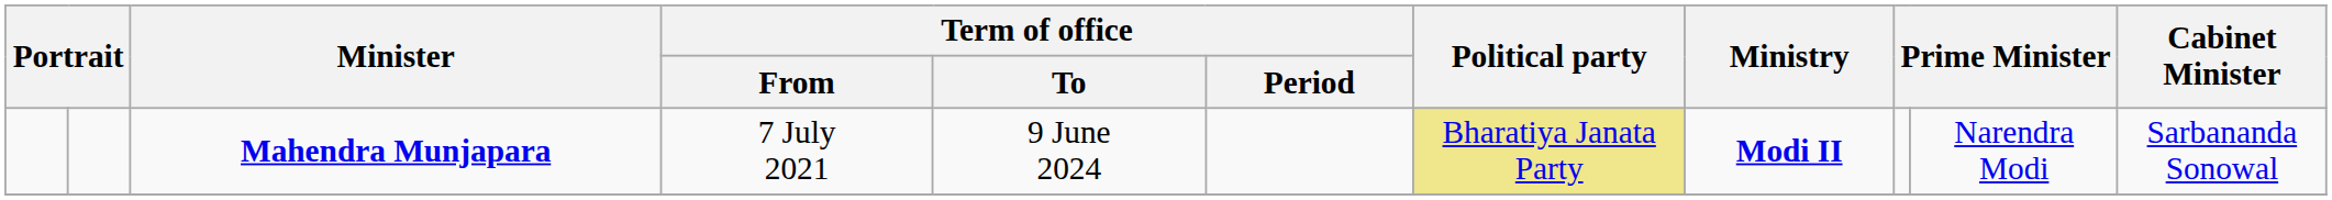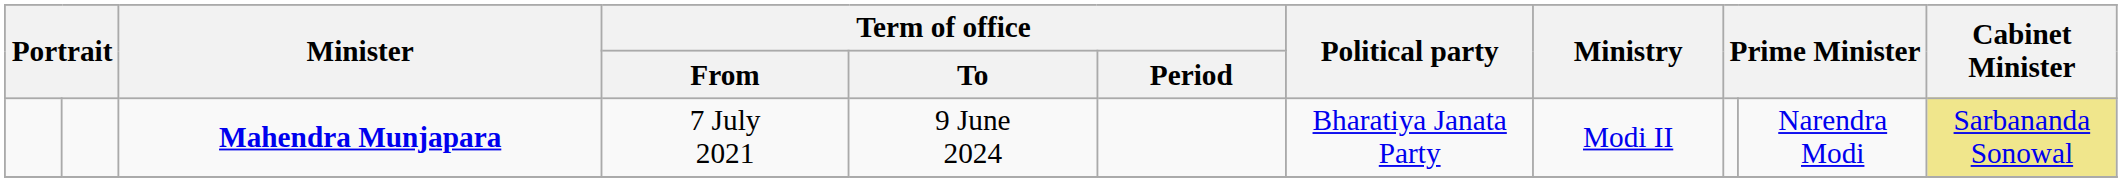 <table class="wikitable" style="text-align:center">
 <tr>
 <th rowspan="2" colspan="2">Portrait</th>
 <th rowspan="2" style="width:16em">Minister<br></th>
 <th colspan="3">Term of office</th>
 <th rowspan="2" style="width:8em">Political party</th>
 <th rowspan="2" style="width:6em">Ministry</th>
 <th rowspan="2" colspan="2">Prime Minister</th>
 <th rowspan="2" colspan="2">Cabinet Minister</th>
 </tr>
 <tr>
 <th style="width:8em">From</th>
 <th style="width:8em">To</th>
 <th style="width:6em">Period</th>
 </tr>
 <tr>
 <td></td>
 <td></td>
 <td><strong><a href='#'>Mahendra Munjapara</a></strong><br></td>
 <td>7 July<br>2021</td>
 <td>9 June<br>2024</td>
 <td><strong></strong></td>
-<td style="background: khaki;"><a href='#'>Bharatiya Janata Party</a></td>
-<td><strong><a href='#'>Modi II</a></strong></td>
+<td><a href='#'>Bharatiya Janata Party</a></td>
+<td><a href='#'>Modi II</a></td>
 <td></td>
 <td style="width:6em"><a href='#'>Narendra Modi</a></td>
-<td style="width:6em"><a href='#'>Sarbananda Sonowal</a></td>
+<td style="background: khaki; width:6em"><a href='#'>Sarbananda Sonowal</a></td>
 </tr>
 <tr>
 </tr>
 </table>
